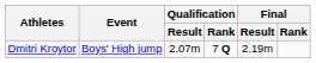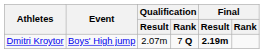 <table class="wikitable" border="1" style="font-size:90%">
 <tr>
 <th rowspan=2>Athletes</th>
 <th rowspan=2>Event</th>
 <th colspan=2>Qualification</th>
 <th colspan=2>Final</th>
 </tr>
 <tr>
 <th>Result</th>
 <th>Rank</th>
 <th>Result</th>
 <th>Rank</th>
 </tr>
 <tr align=center>
 <td align=left><a href='#'>Dmitri Kroytor</a></td>
 <td align=left><a href='#'>Boys' High jump</a></td>
 <td>2.07m</td>
 <td>7 <strong>Q</strong></td>
-<td>2.19m</td>
+<td><strong>2.19m</strong></td>
 <td></td>
 </tr>
 </table>
